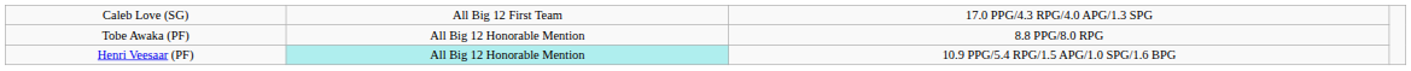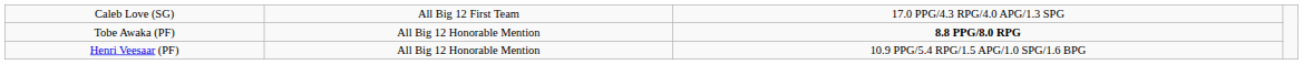 <table class="wikitable" style="width: 90%;text-align: center;">
 <tr align="center">
 <td>Caleb Love (SG)</td>
 <td>All Big 12 First Team</td>
 <td>17.0 PPG/4.3 RPG/4.0 APG/1.3 SPG</td>
 <td rowspan=3></td>
 </tr>
 <tr align="center">
 <td>Tobe Awaka (PF)</td>
 <td>All Big 12 Honorable Mention</td>
-<td>8.8 PPG/8.0 RPG</td>
+<td><strong>8.8 PPG/8.0 RPG</strong></td>
 </tr>
 <tr align="center">
 <td><a href='#'>Henri Veesaar</a> (PF)</td>
-<td style="background: paleturquoise;">All Big 12 Honorable Mention</td>
+<td>All Big 12 Honorable Mention</td>
 <td>10.9 PPG/5.4 RPG/1.5 APG/1.0 SPG/1.6 BPG</td>
 </tr>
 </table>
